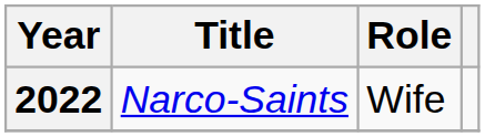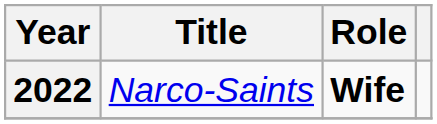 <table class="wikitable  plainrowheaders">
 <tr>
 <th scope="col">Year</th>
 <th scope="col">Title</th>
 <th scope="col">Role</th>
 <th scope="col" class="unsortable"></th>
 </tr>
 <tr>
 <th scope="row">2022</th>
 <td><em><a href='#'>Narco-Saints</a></em></td>
-<td>Wife</td>
+<td><strong>Wife</strong></td>
 <td></td>
 </tr>
 <tr>
 </tr>
 </table>
